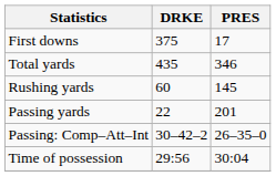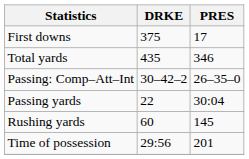 <table class="wikitable" style="float: left;">
 <tr>
 <th>Statistics</th>
 <th>DRKE</th>
 <th>PRES</th>
 </tr>
 <tr>
 <td>First downs</td>
 <td>375</td>
 <td>17</td>
 </tr>
 <tr>
 <td>Total yards</td>
 <td>435</td>
 <td>346</td>
 </tr>
 <tr>
+<td>Passing: Comp–Att–Int</td>
+<td>30–42–2</td>
+<td>26–35–0</td>
+</tr>
+<tr>
+<td>Passing yards</td>
+<td>22</td>
+<td>30:04</td>
+</tr>
+<tr>
 <td>Rushing yards</td>
 <td>60</td>
 <td>145</td>
 </tr>
 <tr>
-<td>Passing yards</td>
-<td>22</td>
-<td>201</td>
-</tr>
-<tr>
-<td>Passing: Comp–Att–Int</td>
-<td>30–42–2</td>
-<td>26–35–0</td>
-</tr>
-<tr>
 <td>Time of possession</td>
 <td>29:56</td>
-<td>30:04</td>
+<td>201</td>
 </tr>
 <tr>
 </tr>
 </table>
